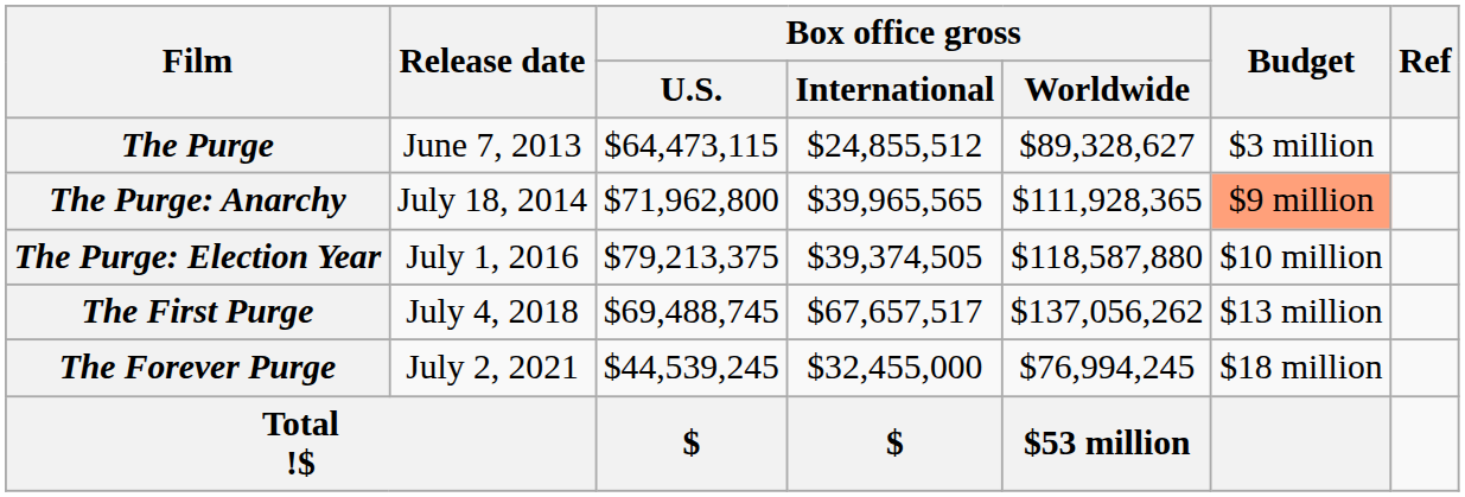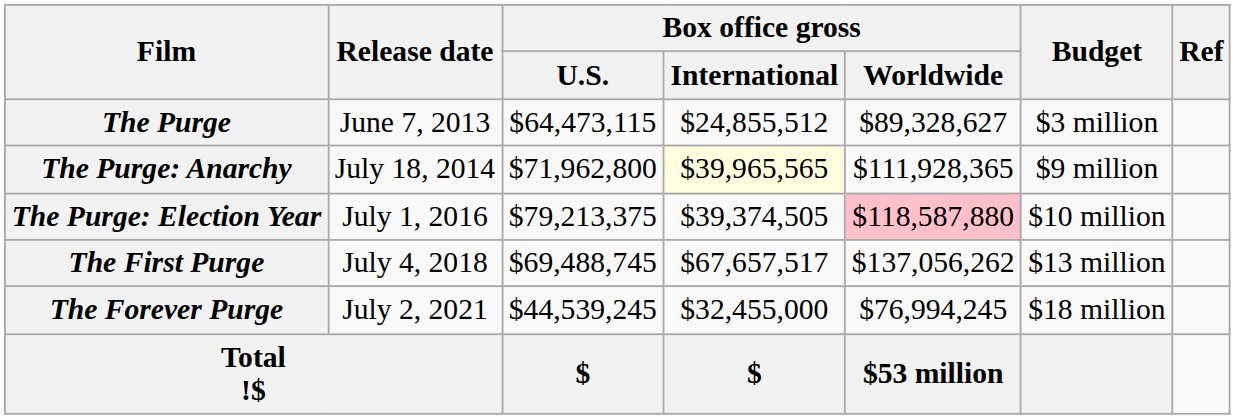 <table class="wikitable sortable" style="text-align:center;">
 <tr>
 <th scope="col" rowspan="2">Film</th>
 <th scope="col" rowspan="2">Release date</th>
 <th scope="col" colspan="3">Box office gross</th>
 <th scope="col" rowspan="2">Budget</th>
 <th scope="col" rowspan="2">Ref</th>
 </tr>
 <tr>
 <th scope="col">U.S.</th>
 <th scope="col">International</th>
 <th scope="col">Worldwide</th>
 </tr>
 <tr>
 <th scope="row"><em>The Purge</em></th>
 <td>June 7, 2013</td>
 <td>$64,473,115</td>
 <td>$24,855,512</td>
 <td>$89,328,627</td>
 <td>$3 million</td>
 <td></td>
 </tr>
 <tr>
 <th scope="row"><em>The Purge: Anarchy</em></th>
 <td>July 18, 2014</td>
 <td>$71,962,800</td>
-<td>$39,965,565</td>
+<td style="background: lightyellow;">$39,965,565</td>
 <td>$111,928,365</td>
-<td style="background: lightsalmon;">$9 million</td>
+<td>$9 million</td>
 <td></td>
 </tr>
 <tr>
 <th scope="row"><em>The Purge: Election Year</em></th>
 <td>July 1, 2016</td>
 <td>$79,213,375</td>
 <td>$39,374,505</td>
-<td>$118,587,880</td>
+<td style="background: pink;">$118,587,880</td>
 <td>$10 million</td>
 <td></td>
 </tr>
 <tr>
 <th scope="row"><em>The First Purge</em></th>
 <td>July 4, 2018</td>
 <td>$69,488,745</td>
 <td>$67,657,517</td>
 <td>$137,056,262</td>
 <td>$13 million</td>
 <td></td>
 </tr>
 <tr>
 <th scope="row"><em>The Forever Purge</em></th>
 <td>July 2, 2021</td>
 <td>$44,539,245</td>
 <td>$32,455,000</td>
 <td>$76,994,245</td>
 <td>$18 million</td>
 <td></td>
 </tr>
 <tr>
 <th scope="row" colspan="2">Total<br>!$</th>
 <th>$</th>
 <th>$</th>
 <th style="text-align:center;">$53 million</th>
 <th></th>
 </tr>
 </table>
